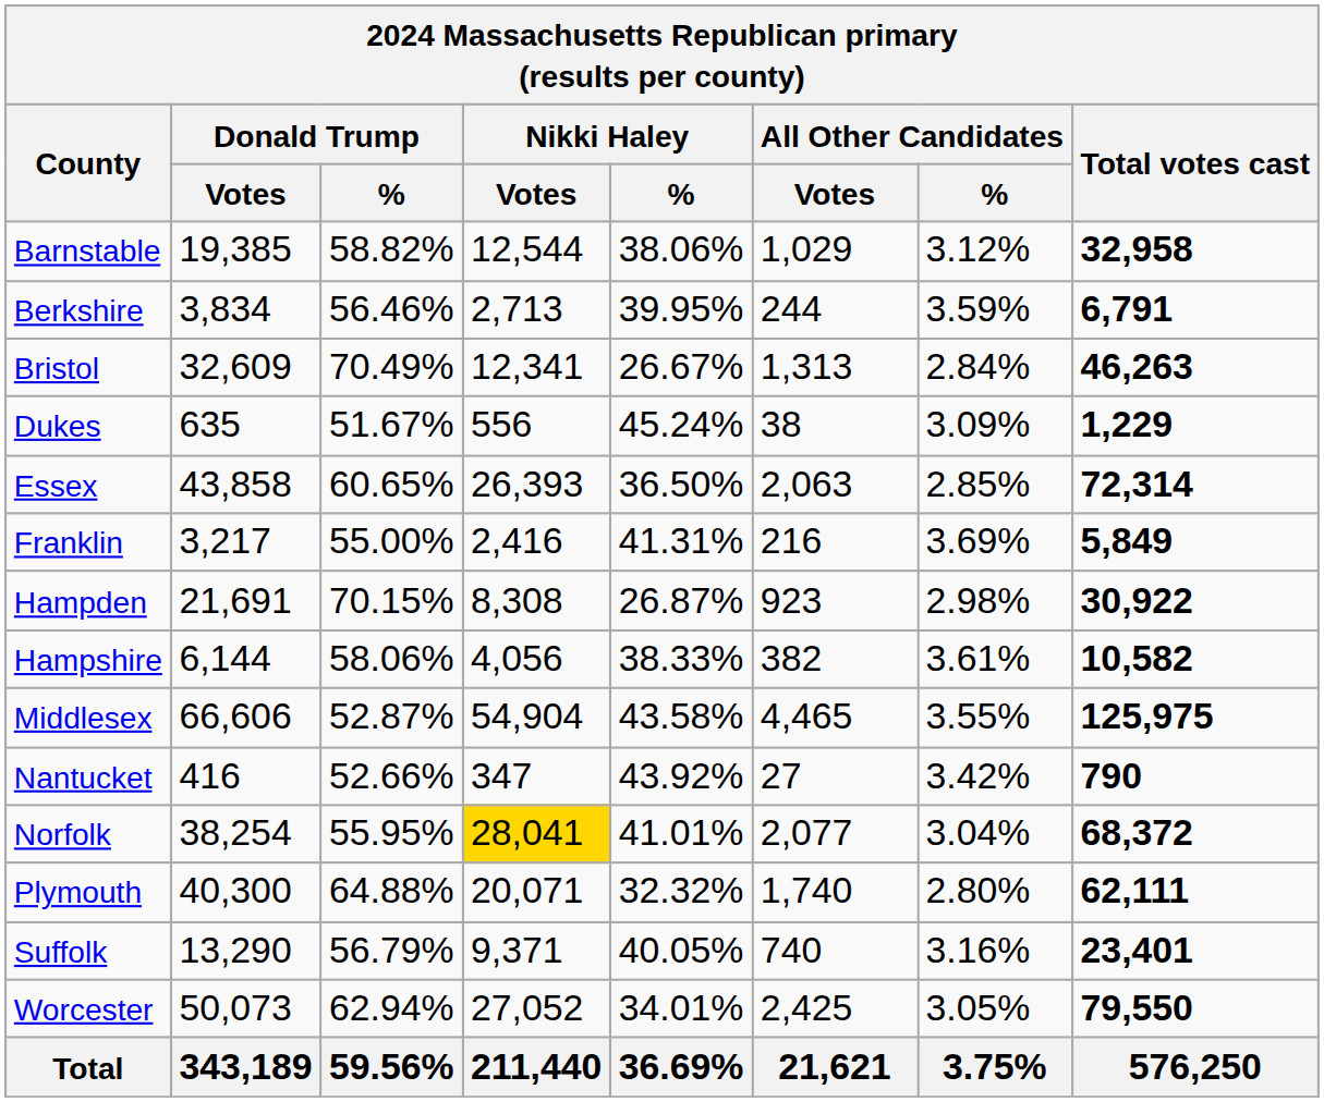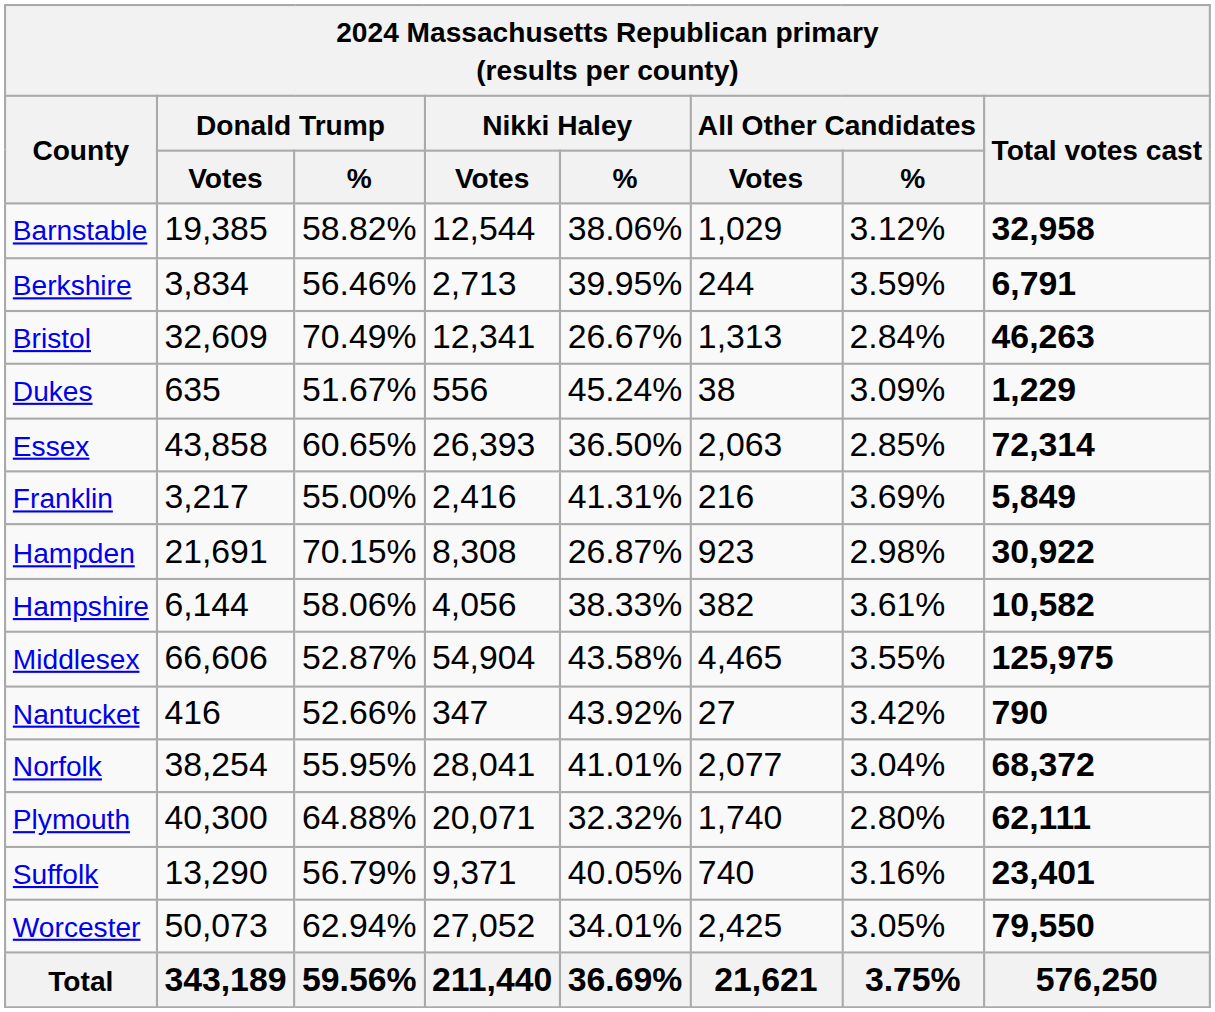 <table class="wikitable sortable mw-collapsible mw-collapsed">
 <tr>
 <th colspan="8"><small>2024 Massachusetts Republican primary</small><br><small>(results per county)</small></th>
 </tr>
 <tr>
 <th rowspan="2"><small>County</small></th>
 <th colspan="2"><small>Donald Trump</small></th>
 <th colspan="2"><small>Nikki Haley</small></th>
 <th colspan="2"><small>All Other Candidates</small></th>
 <th rowspan="2"><small>Total votes cast</small></th>
 </tr>
 <tr>
 <th><small>Votes</small></th>
 <th><small>%</small></th>
 <th><small>Votes</small></th>
 <th><small>%</small></th>
 <th><small>Votes</small></th>
 <th><small>%</small></th>
 </tr>
 <tr>
 <td><a href='#'><small>Barnstable</small></a></td>
 <td>19,385</td>
 <td>58.82%</td>
 <td>12,544</td>
 <td>38.06%</td>
 <td>1,029</td>
 <td>3.12%</td>
 <td><strong>32,958</strong></td>
 </tr>
 <tr>
 <td><a href='#'><small>Berkshire</small></a></td>
 <td>3,834</td>
 <td>56.46%</td>
 <td>2,713</td>
 <td>39.95%</td>
 <td>244</td>
 <td>3.59%</td>
 <td><strong>6,791</strong></td>
 </tr>
 <tr>
 <td><a href='#'><small>Bristol</small></a></td>
 <td>32,609</td>
 <td>70.49%</td>
 <td>12,341</td>
 <td>26.67%</td>
 <td>1,313</td>
 <td>2.84%</td>
 <td><strong>46,263</strong></td>
 </tr>
 <tr>
 <td><a href='#'><small>Dukes</small></a></td>
 <td>635</td>
 <td>51.67%</td>
 <td>556</td>
 <td>45.24%</td>
 <td>38</td>
 <td>3.09%</td>
 <td><strong>1,229</strong></td>
 </tr>
 <tr>
 <td><a href='#'><small>Essex</small></a></td>
 <td>43,858</td>
 <td>60.65%</td>
 <td>26,393</td>
 <td>36.50%</td>
 <td>2,063</td>
 <td>2.85%</td>
 <td><strong>72,314</strong></td>
 </tr>
 <tr>
 <td><a href='#'><small>Franklin</small></a></td>
 <td>3,217</td>
 <td>55.00%</td>
 <td>2,416</td>
 <td>41.31%</td>
 <td>216</td>
 <td>3.69%</td>
 <td><strong>5,849</strong></td>
 </tr>
 <tr>
 <td><a href='#'><small>Hampden</small></a></td>
 <td>21,691</td>
 <td>70.15%</td>
 <td>8,308</td>
 <td>26.87%</td>
 <td>923</td>
 <td>2.98%</td>
 <td><strong>30,922</strong></td>
 </tr>
 <tr>
 <td><a href='#'><small>Hampshire</small></a></td>
 <td>6,144</td>
 <td>58.06%</td>
 <td>4,056</td>
 <td>38.33%</td>
 <td>382</td>
 <td>3.61%</td>
 <td><strong>10,582</strong></td>
 </tr>
 <tr>
 <td><a href='#'><small>Middlesex</small></a></td>
 <td>66,606</td>
 <td>52.87%</td>
 <td>54,904</td>
 <td>43.58%</td>
 <td>4,465</td>
 <td>3.55%</td>
 <td><strong>125,975</strong></td>
 </tr>
 <tr>
 <td><a href='#'><small>Nantucket</small></a></td>
 <td>416</td>
 <td>52.66%</td>
 <td>347</td>
 <td>43.92%</td>
 <td>27</td>
 <td>3.42%</td>
 <td><strong>790</strong></td>
 </tr>
 <tr>
 <td><a href='#'><small>Norfolk</small></a></td>
 <td>38,254</td>
 <td>55.95%</td>
-<td style="background: gold;">28,041</td>
+<td>28,041</td>
 <td>41.01%</td>
 <td>2,077</td>
 <td>3.04%</td>
 <td><strong>68,372</strong></td>
 </tr>
 <tr>
 <td><a href='#'><small>Plymouth</small></a></td>
 <td>40,300</td>
 <td>64.88%</td>
 <td>20,071</td>
 <td>32.32%</td>
 <td>1,740</td>
 <td>2.80%</td>
 <td><strong>62,111</strong></td>
 </tr>
 <tr>
 <td><a href='#'><small>Suffolk</small></a></td>
 <td>13,290</td>
 <td>56.79%</td>
 <td>9,371</td>
 <td>40.05%</td>
 <td>740</td>
 <td>3.16%</td>
 <td><strong>23,401</strong></td>
 </tr>
 <tr>
 <td><a href='#'><small>Worcester</small></a></td>
 <td>50,073</td>
 <td>62.94%</td>
 <td>27,052</td>
 <td>34.01%</td>
 <td>2,425</td>
 <td>3.05%</td>
 <td><strong>79,550</strong></td>
 </tr>
 <tr>
 <th><small>Total</small></th>
 <th>343,189</th>
 <th>59.56%</th>
 <th>211,440</th>
 <th>36.69%</th>
 <th>21,621</th>
 <th>3.75%</th>
 <th>576,250</th>
 </tr>
 </table>
